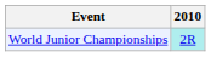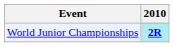 <table class="wikitable" style="font-size: 90%; text-align:center">
 <tr>
 <th>Event</th>
 <th>2010</th>
 </tr>
 <tr>
 <td bgcolor="#ECF2FF"; align="left"><a href='#'>World Junior Championships</a></td>
-<td bgcolor=AFEEEE><a href='#'>2R</a></td>
+<td bgcolor=AFEEEE><strong><a href='#'>2R</a></strong></td>
 </tr>
 </table>
